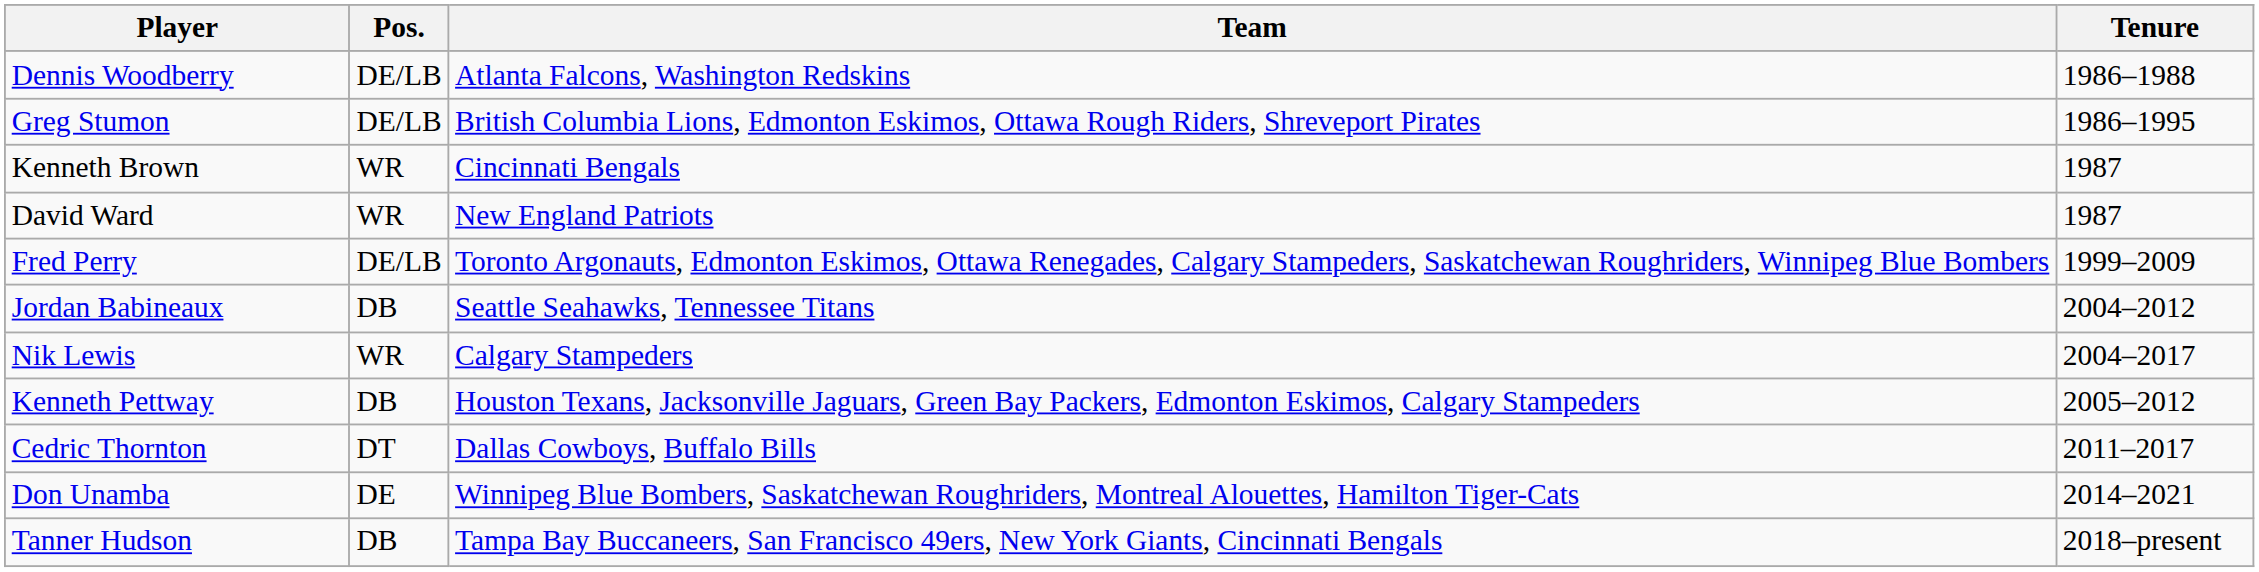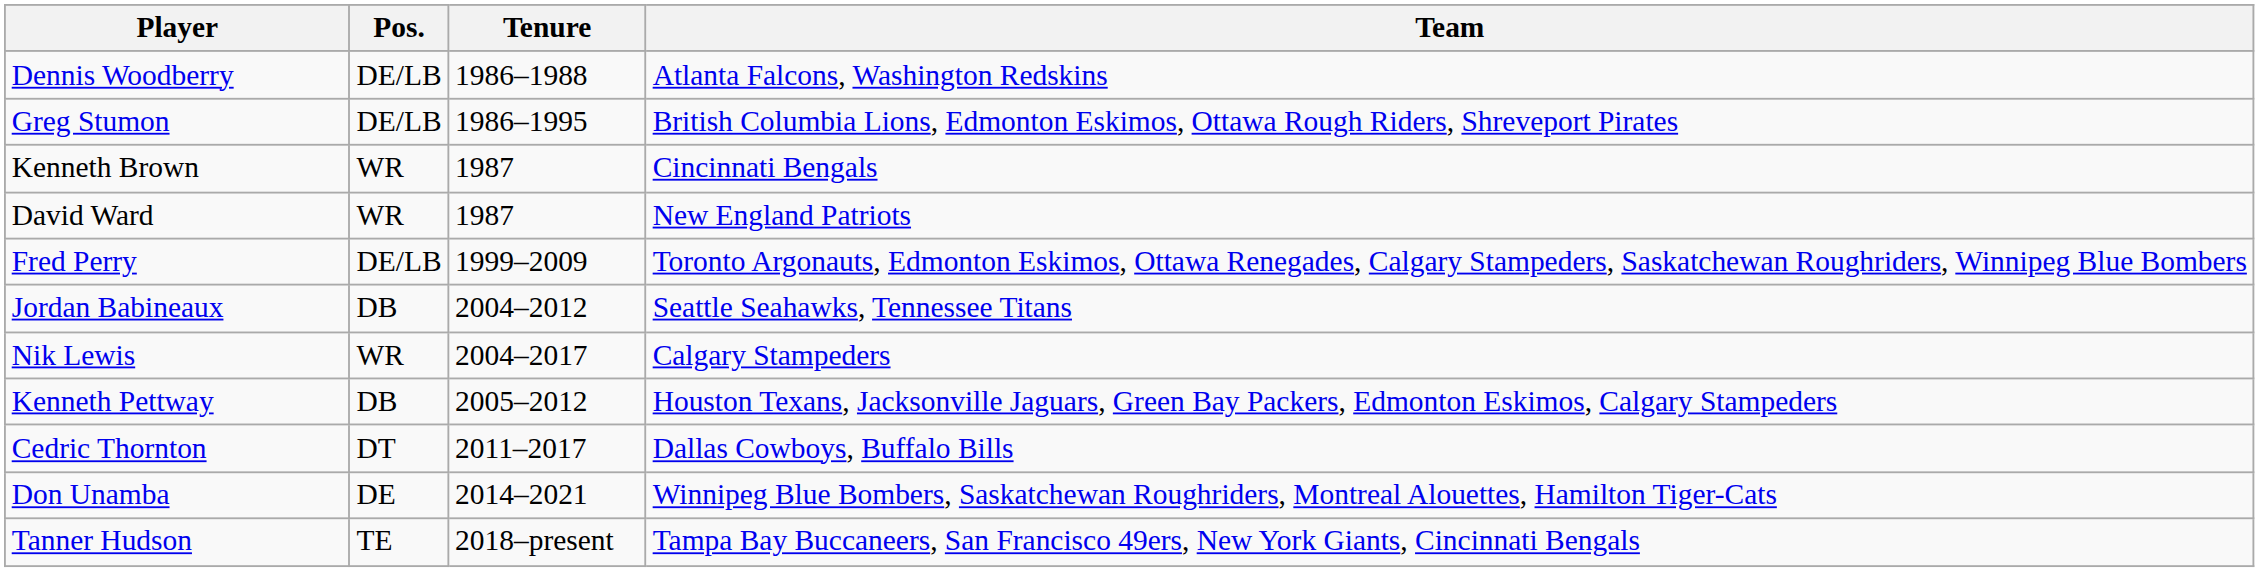 <table class="wikitable sortable" style="text-align: ;">
 <tr>
 <th width=180px>Player</th>
 <th width=px>Pos.</th>
+<th width=100px>Tenure</th>
 <th width=px>Team</th>
-<th width=100px>Tenure</th>
 </tr>
 <tr>
 <td><a href='#'>Dennis Woodberry</a></td>
 <td>DE/LB</td>
+<td>1986–1988</td>
 <td><a href='#'>Atlanta Falcons</a>, <a href='#'>Washington Redskins</a></td>
-<td>1986–1988</td>
 </tr>
 <tr>
 <td><a href='#'>Greg Stumon</a></td>
 <td>DE/LB</td>
+<td>1986–1995</td>
 <td><a href='#'>British Columbia Lions</a>, <a href='#'>Edmonton Eskimos</a>, <a href='#'>Ottawa Rough Riders</a>, <a href='#'>Shreveport Pirates</a></td>
-<td>1986–1995</td>
 </tr>
 <tr>
 <td>Kenneth Brown</td>
 <td>WR</td>
+<td>1987</td>
 <td><a href='#'>Cincinnati Bengals</a></td>
-<td>1987</td>
 </tr>
 <tr>
 <td>David Ward</td>
 <td>WR</td>
+<td>1987</td>
 <td><a href='#'>New England Patriots</a></td>
-<td>1987</td>
 </tr>
 <tr>
 <td><a href='#'>Fred Perry</a></td>
 <td>DE/LB</td>
+<td>1999–2009</td>
 <td><a href='#'>Toronto Argonauts</a>, <a href='#'>Edmonton Eskimos</a>, <a href='#'>Ottawa Renegades</a>, <a href='#'>Calgary Stampeders</a>, <a href='#'>Saskatchewan Roughriders</a>, <a href='#'>Winnipeg Blue Bombers</a></td>
-<td>1999–2009</td>
 </tr>
 <tr>
 <td><a href='#'>Jordan Babineaux</a></td>
 <td>DB</td>
+<td>2004–2012</td>
 <td><a href='#'>Seattle Seahawks</a>, <a href='#'>Tennessee Titans</a></td>
-<td>2004–2012</td>
 </tr>
 <tr>
 <td><a href='#'>Nik Lewis</a></td>
 <td>WR</td>
+<td>2004–2017</td>
 <td><a href='#'>Calgary Stampeders</a></td>
-<td>2004–2017</td>
 </tr>
 <tr>
 <td><a href='#'>Kenneth Pettway</a></td>
 <td>DB</td>
+<td>2005–2012</td>
 <td><a href='#'>Houston Texans</a>, <a href='#'>Jacksonville Jaguars</a>, <a href='#'>Green Bay Packers</a>, <a href='#'>Edmonton Eskimos</a>, <a href='#'>Calgary Stampeders</a></td>
-<td>2005–2012</td>
 </tr>
 <tr>
 <td><a href='#'>Cedric Thornton</a></td>
 <td>DT</td>
+<td>2011–2017</td>
 <td><a href='#'>Dallas Cowboys</a>, <a href='#'>Buffalo Bills</a></td>
-<td>2011–2017</td>
 </tr>
 <tr>
 <td><a href='#'>Don Unamba</a></td>
 <td>DE</td>
+<td>2014–2021</td>
 <td><a href='#'>Winnipeg Blue Bombers</a>, <a href='#'>Saskatchewan Roughriders</a>, <a href='#'>Montreal Alouettes</a>, <a href='#'>Hamilton Tiger-Cats</a></td>
-<td>2014–2021</td>
 </tr>
 <tr>
 <td><a href='#'>Tanner Hudson</a></td>
-<td>DB</td>
+<td>TE</td>
+<td>2018–present</td>
 <td><a href='#'>Tampa Bay Buccaneers</a>, <a href='#'>San Francisco 49ers</a>, <a href='#'>New York Giants</a>, <a href='#'>Cincinnati Bengals</a></td>
-<td>2018–present</td>
 </tr>
 </table>
